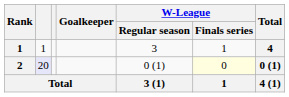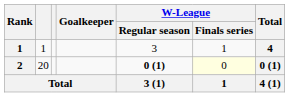 <table class="wikitable" style="text-align:center">
 <tr>
 <th rowspan="2">Rank</th>
 <th rowspan="2"></th>
 <th rowspan="2"></th>
 <th rowspan="2">Goalkeeper</th>
 <th colspan="2"><a href='#'>W-League</a></th>
 <th rowspan="2">Total</th>
 </tr>
 <tr>
 <th>Regular season</th>
 <th>Finals series</th>
 </tr>
 <tr>
 <th>1</th>
 <td>1</td>
 <td></td>
 <td align="left"></td>
 <td>3</td>
 <td>1</td>
 <th>4</th>
 </tr>
 <tr>
 <th>2</th>
-<td style="background: lavender;">20</td>
+<td>20</td>
 <td></td>
 <td align="left"></td>
-<td>0 (1)</td>
+<td><strong>0 (1)</strong></td>
 <td style="background: lightyellow;">0</td>
 <th>0 (1)</th>
 </tr>
 <tr>
 <th colspan="4">Total</th>
 <th>3 (1)</th>
 <th>1</th>
 <th>4 (1)</th>
 </tr>
 </table>
